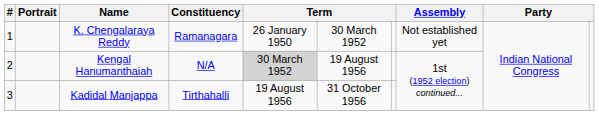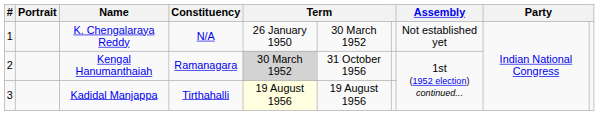 <table class="wikitable" style="text-align:center">
 <tr>
 <th scope="col">#</th>
 <th>Portrait</th>
 <th scope="col">Name</th>
 <th>Constituency</th>
 <th colspan="3" scope="col">Term<br></th>
 <th scope="col"><a href='#'>Assembly</a><br></th>
 <th colspan="2" scope="col">Party</th>
 </tr>
 <tr>
 <td>1</td>
 <td></td>
 <td><a href='#'>K. Chengalaraya Reddy</a></td>
-<td><a href='#'>Ramanagara</a></td>
+<td><a href='#'>N/A</a></td>
 <td>26 January 1950</td>
 <td>30 March 1952</td>
 <td></td>
 <td>Not established yet</td>
 <td rowspan="3"><a href='#'>Indian National Congress</a></td>
 <td rowspan="3" style="background-color: "></td>
 </tr>
 <tr>
 <td>2</td>
 <td></td>
 <td><a href='#'>Kengal Hanumanthaiah</a></td>
-<td><a href='#'>N/A</a></td>
+<td><a href='#'>Ramanagara</a></td>
 <td style="background: lightgrey;">30 March 1952</td>
-<td>19 August 1956</td>
+<td>31 October 1956</td>
 <td></td>
 <td rowspan="2">1st<br><small>(<a href='#'>1952 election</a>)</small><br><small><em>continued...</em></small></td>
 </tr>
 <tr>
 <td>3</td>
 <td></td>
 <td><a href='#'>Kadidal Manjappa</a></td>
 <td><a href='#'>Tirthahalli</a></td>
+<td style="background: lightyellow;">19 August 1956</td>
 <td>19 August 1956</td>
-<td>31 October 1956</td>
 <td></td>
 </tr>
 </table>
